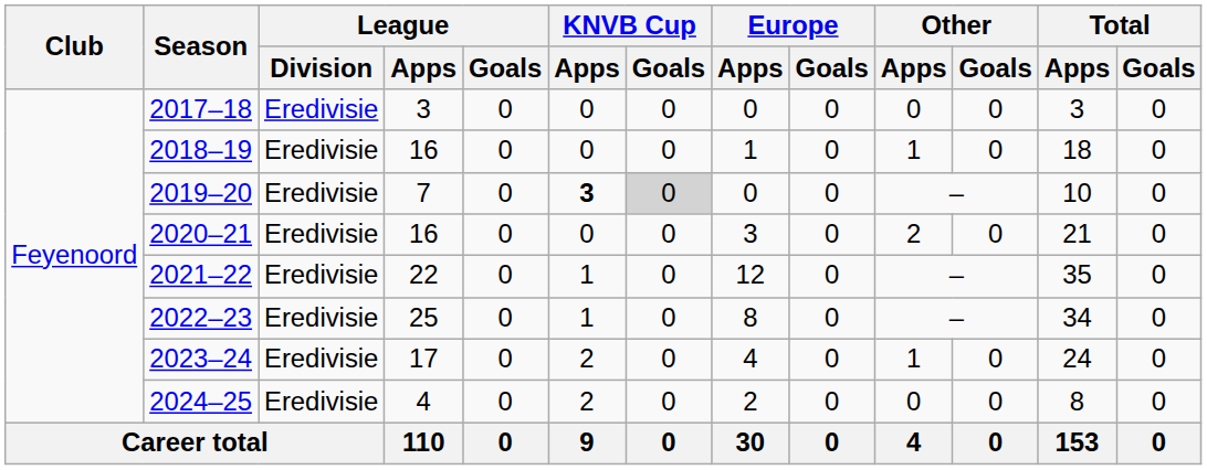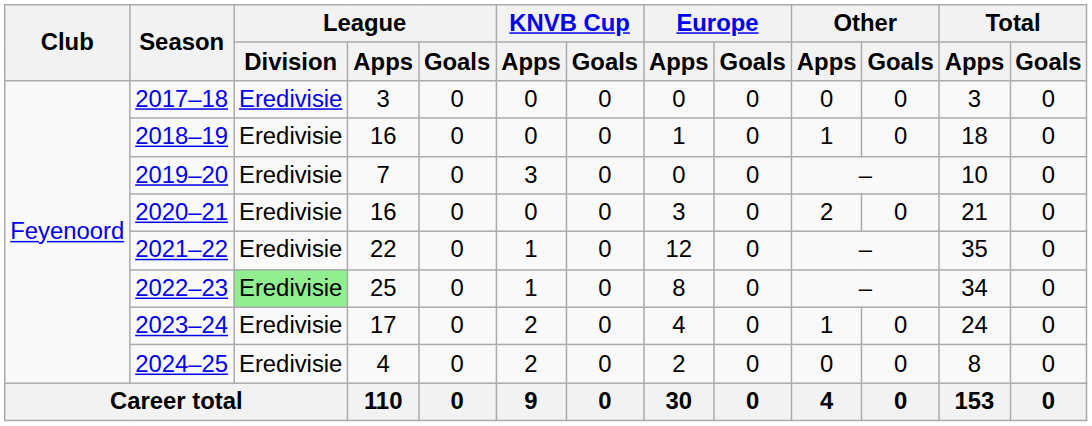 <table class="wikitable" style="text-align: center;">
 <tr>
 <th rowspan="2">Club</th>
 <th rowspan="2">Season</th>
 <th colspan="3">League</th>
 <th colspan="2"><a href='#'>KNVB Cup</a></th>
 <th colspan="2"><a href='#'>Europe</a></th>
 <th colspan="2">Other</th>
 <th colspan="2">Total</th>
 </tr>
 <tr>
 <th>Division</th>
 <th>Apps</th>
 <th>Goals</th>
 <th>Apps</th>
 <th>Goals</th>
 <th>Apps</th>
 <th>Goals</th>
 <th>Apps</th>
 <th>Goals</th>
 <th>Apps</th>
 <th>Goals</th>
 </tr>
 <tr>
 <td rowspan="8"><a href='#'>Feyenoord</a></td>
 <td><a href='#'>2017–18</a></td>
 <td><a href='#'>Eredivisie</a></td>
 <td>3</td>
 <td>0</td>
 <td>0</td>
 <td>0</td>
 <td>0</td>
 <td>0</td>
 <td>0</td>
 <td>0</td>
 <td>3</td>
 <td>0</td>
 </tr>
 <tr>
 <td><a href='#'>2018–19</a></td>
 <td>Eredivisie</td>
 <td>16</td>
 <td>0</td>
 <td>0</td>
 <td>0</td>
 <td>1</td>
 <td>0</td>
 <td>1</td>
 <td>0</td>
 <td>18</td>
 <td>0</td>
 </tr>
 <tr>
 <td><a href='#'>2019–20</a></td>
 <td>Eredivisie</td>
 <td>7</td>
 <td>0</td>
-<td><strong>3</strong></td>
-<td style="background: lightgrey;">0</td>
+<td>3</td>
+<td>0</td>
 <td>0</td>
 <td>0</td>
 <td colspan="2">–</td>
 <td>10</td>
 <td>0</td>
 </tr>
 <tr>
 <td><a href='#'>2020–21</a></td>
 <td>Eredivisie</td>
 <td>16</td>
 <td>0</td>
 <td>0</td>
 <td>0</td>
 <td>3</td>
 <td>0</td>
 <td>2</td>
 <td>0</td>
 <td>21</td>
 <td>0</td>
 </tr>
 <tr>
 <td><a href='#'>2021–22</a></td>
 <td>Eredivisie</td>
 <td>22</td>
 <td>0</td>
 <td>1</td>
 <td>0</td>
 <td>12</td>
 <td>0</td>
 <td colspan="2">–</td>
 <td>35</td>
 <td>0</td>
 </tr>
 <tr>
 <td><a href='#'>2022–23</a></td>
-<td>Eredivisie</td>
+<td style="background: lightgreen;">Eredivisie</td>
 <td>25</td>
 <td>0</td>
 <td>1</td>
 <td>0</td>
 <td>8</td>
 <td>0</td>
 <td colspan="2">–</td>
 <td>34</td>
 <td>0</td>
 </tr>
 <tr>
 <td><a href='#'>2023–24</a></td>
 <td>Eredivisie</td>
 <td>17</td>
 <td>0</td>
 <td>2</td>
 <td>0</td>
 <td>4</td>
 <td>0</td>
 <td>1</td>
 <td>0</td>
 <td>24</td>
 <td>0</td>
 </tr>
 <tr>
 <td><a href='#'>2024–25</a></td>
 <td>Eredivisie</td>
 <td>4</td>
 <td>0</td>
 <td>2</td>
 <td>0</td>
 <td>2</td>
 <td>0</td>
 <td>0</td>
 <td>0</td>
 <td>8</td>
 <td>0</td>
 </tr>
 <tr>
 <th colspan="3">Career total</th>
 <th>110</th>
 <th>0</th>
 <th>9</th>
 <th>0</th>
 <th>30</th>
 <th>0</th>
 <th>4</th>
 <th>0</th>
 <th>153</th>
 <th>0</th>
 </tr>
 </table>
